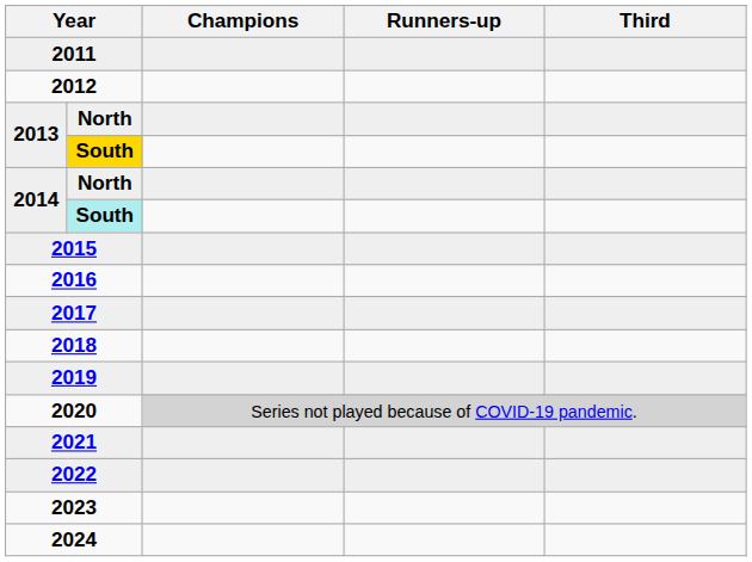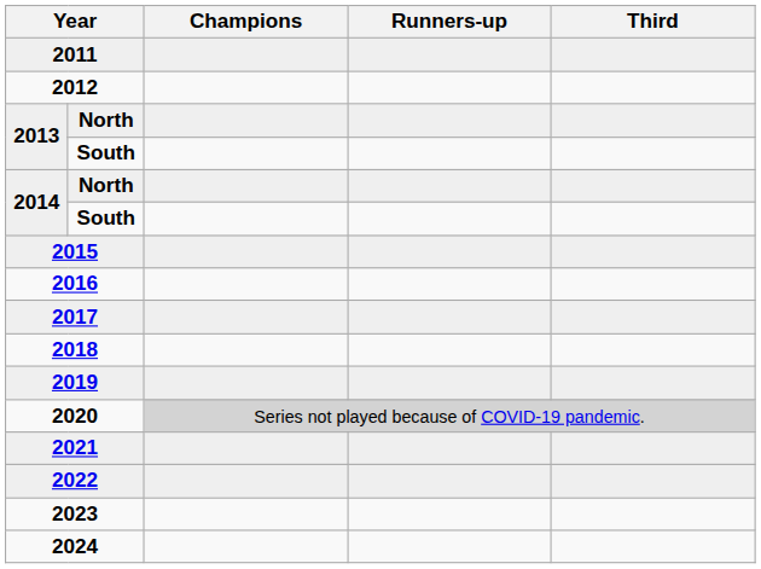 <table class="wikitable centre" style="text-align:center;">
 <tr>
 <th colspan="2" scope="col" style="width:100px;">Year</th>
 <th scope="col" style="width:150px;">Champions</th>
 <th scope="col" style="width:150px;">Runners-up</th>
 <th scope="col" style="width:150px;">Third</th>
 </tr>
 <tr style="background:#EFEFEF">
 <td colspan="2"><strong>2011</strong></td>
 <td><strong></strong></td>
 <td></td>
 <td></td>
 </tr>
 <tr>
 <td colspan="2"><strong>2012</strong></td>
 <td><strong></strong></td>
 <td></td>
 <td></td>
 </tr>
 <tr style="background:#EFEFEF">
 <td rowspan="2"><strong>2013</strong></td>
 <td><strong>North</strong></td>
 <td><strong></strong></td>
 <td></td>
 <td></td>
 </tr>
 <tr>
-<td style="background: gold;"><strong>South</strong></td>
+<td><strong>South</strong></td>
 <td><strong></strong></td>
 <td></td>
 <td></td>
 </tr>
 <tr style="background:#EFEFEF">
 <td rowspan="2"><strong>2014</strong></td>
 <td><strong>North</strong></td>
 <td><strong></strong></td>
 <td></td>
 <td></td>
 </tr>
 <tr>
-<td style="background: paleturquoise;"><strong>South</strong></td>
+<td><strong>South</strong></td>
 <td><strong></strong></td>
 <td></td>
 <td></td>
 </tr>
 <tr style="background:#EFEFEF">
 <td colspan="2"><strong><a href='#'>2015</a></strong></td>
 <td><strong></strong></td>
 <td></td>
 <td></td>
 </tr>
 <tr>
 <td colspan="2"><strong><a href='#'>2016</a></strong></td>
 <td><strong></strong></td>
 <td></td>
 <td></td>
 </tr>
 <tr style="background:#EFEFEF">
 <td colspan="2"><strong><a href='#'>2017</a></strong></td>
 <td><strong></strong></td>
 <td></td>
 <td></td>
 </tr>
 <tr>
 <td colspan="2"><strong><a href='#'>2018</a></strong></td>
 <td><strong></strong></td>
 <td></td>
 <td></td>
 </tr>
 <tr style="background:#EFEFEF">
 <td colspan="2"><strong><a href='#'>2019</a></strong></td>
 <td><strong></strong></td>
 <td></td>
 <td></td>
 </tr>
 <tr>
 <td colspan="2" style="text-align:center;font-weight:bold">2020</td>
 <td align=center colspan=11 rowspan=1 bgcolor="#D3D3D3"><small>Series not played because of <a href='#'>COVID-19 pandemic</a>.</small></td>
 </tr>
 <tr style="background:#EFEFEF">
 <td colspan="2"><strong><a href='#'>2021</a></strong></td>
 <td><strong></strong></td>
 <td></td>
 <td></td>
 </tr>
 <tr style="background:#EFEFEF">
 <td colspan="2"><strong><a href='#'>2022</a></strong></td>
 <td><strong></strong></td>
 <td></td>
 <td></td>
 </tr>
 <tr>
 <td colspan="2"><strong>2023</strong></td>
 <td><strong></strong></td>
 <td></td>
 <td></td>
 </tr>
 <tr>
 <td colspan="2"><strong>2024</strong></td>
 <td><strong></strong></td>
 <td></td>
 <td></td>
 </tr>
 </table>
